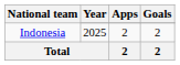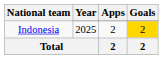 <table class="wikitable" style="text-align:center">
 <tr>
 <th>National team</th>
 <th>Year</th>
 <th>Apps</th>
 <th>Goals</th>
 </tr>
 <tr>
 <td rowspan="2"><a href='#'>Indonesia</a></td>
 </tr>
 <tr>
 <td>2025</td>
 <td>2</td>
-<td>2</td>
+<td style="background: gold;">2</td>
 </tr>
 <tr>
 <th colspan="2">Total</th>
 <th>2</th>
 <th>2</th>
 </tr>
 </table>
